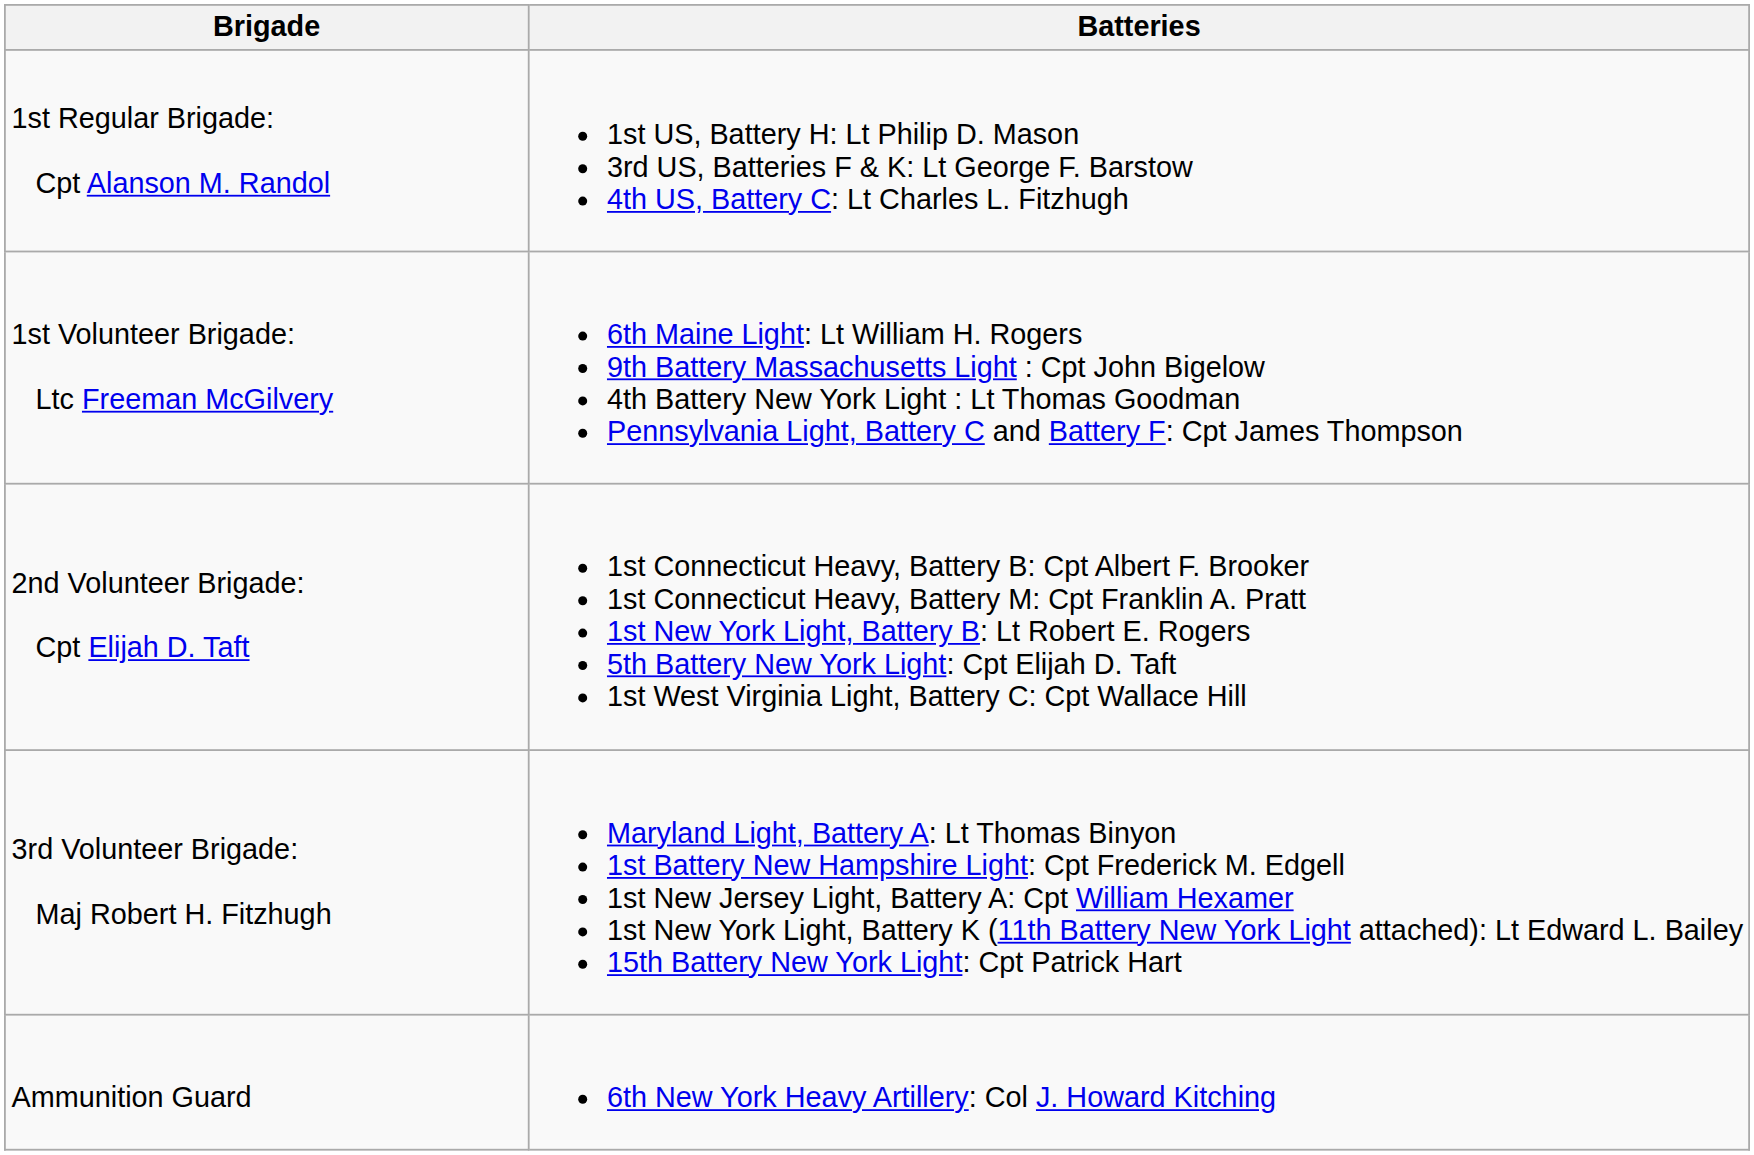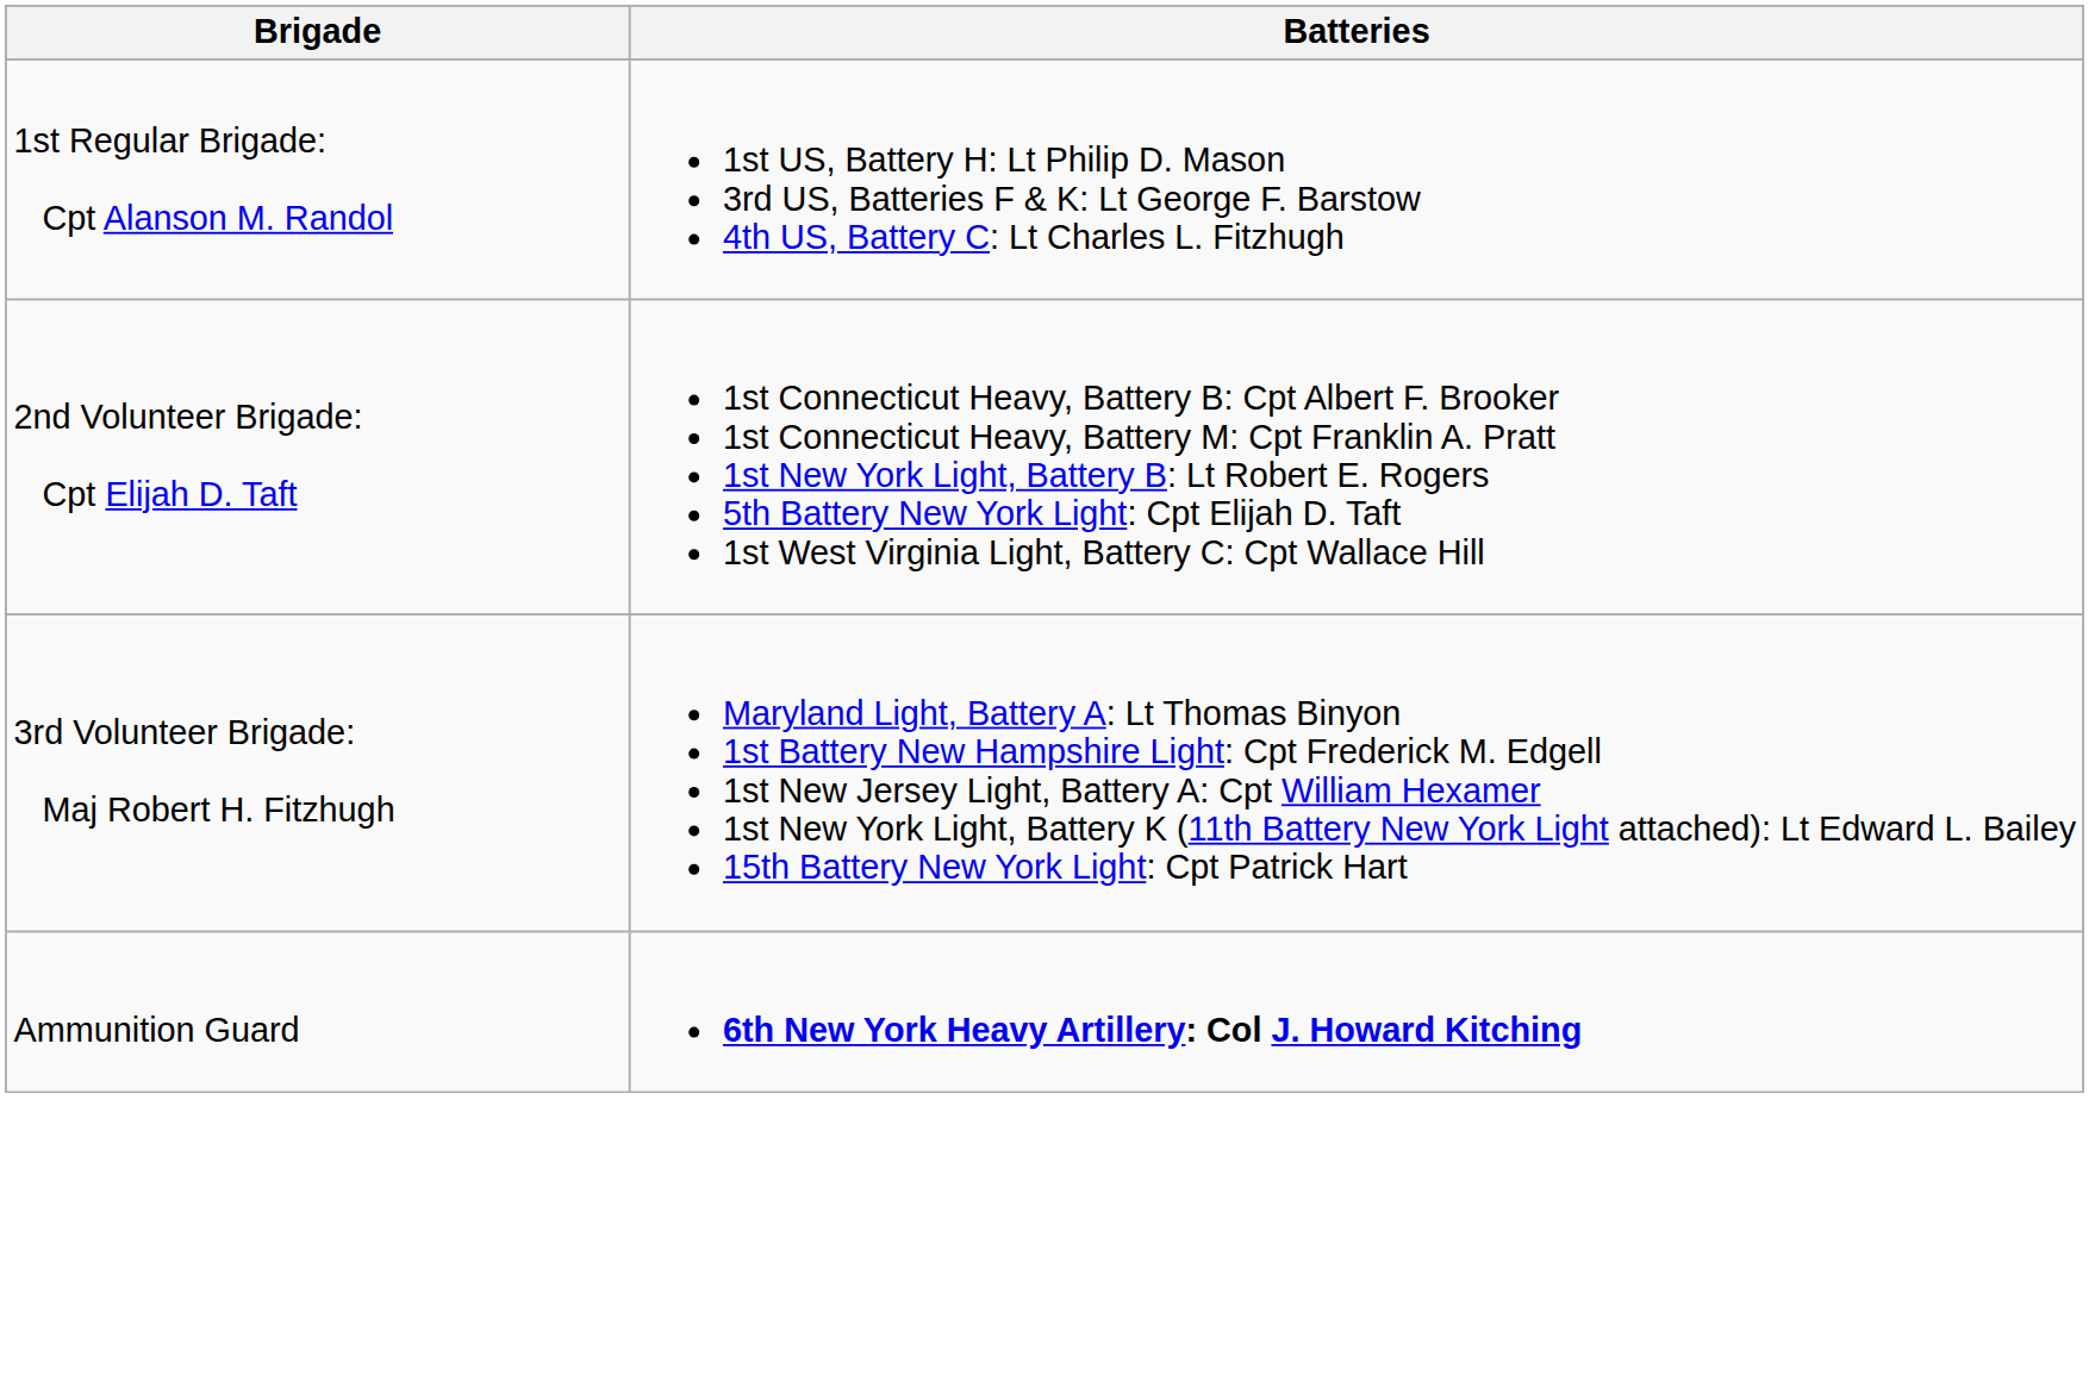 <table class="wikitable">
 <tr>
 <th width=30%>Brigade</th>
 <th>Batteries</th>
 </tr>
 <tr>
 <td>1st Regular Brigade:<br><br>   Cpt <a href='#'>Alanson M. Randol</a></td>
 <td><br><ul><li>1st US, Battery H: Lt Philip D. Mason</li><li>3rd US, Batteries F & K: Lt George F. Barstow</li><li><a href='#'>4th US, Battery C</a>: Lt Charles L. Fitzhugh</li></ul></td>
-</tr>
-<tr>
-<td>1st Volunteer Brigade:<br><br>   Ltc <a href='#'>Freeman McGilvery</a></td>
-<td><br><ul><li><a href='#'>6th Maine Light</a>: Lt William H. Rogers</li><li><a href='#'>9th Battery Massachusetts Light</a> : Cpt John Bigelow</li><li>4th Battery New York Light : Lt Thomas Goodman</li><li><a href='#'>Pennsylvania Light, Battery C</a> and <a href='#'>Battery F</a>: Cpt James Thompson</li></ul></td>
 </tr>
 <tr>
 <td>2nd Volunteer Brigade:<br><br>   Cpt <a href='#'>Elijah D. Taft</a></td>
 <td><br><ul><li>1st Connecticut Heavy, Battery B: Cpt Albert F. Brooker</li><li>1st Connecticut Heavy, Battery M: Cpt Franklin A. Pratt</li><li><a href='#'>1st New York Light, Battery B</a>: Lt Robert E. Rogers</li><li><a href='#'>5th Battery New York Light</a>: Cpt Elijah D. Taft</li><li>1st West Virginia Light, Battery C: Cpt Wallace Hill</li></ul></td>
 </tr>
 <tr>
 <td>3rd Volunteer Brigade:<br><br>   Maj Robert H. Fitzhugh</td>
 <td><br><ul><li><a href='#'>Maryland Light, Battery A</a>: Lt Thomas Binyon</li><li><a href='#'>1st Battery New Hampshire Light</a>: Cpt Frederick M. Edgell</li><li>1st New Jersey Light, Battery A: Cpt <a href='#'>William Hexamer</a></li><li>1st New York Light, Battery K (<a href='#'>11th Battery New York Light</a> attached): Lt Edward L. Bailey</li><li><a href='#'>15th Battery New York Light</a>: Cpt Patrick Hart</li></ul></td>
 </tr>
 <tr>
 <td><br>Ammunition Guard</td>
-<td><br><ul><li><a href='#'>6th New York Heavy Artillery</a>: Col <a href='#'>J. Howard Kitching</a></li></ul></td>
+<td><strong><br><ul><li><a href='#'>6th New York Heavy Artillery</a>: Col <a href='#'>J. Howard Kitching</a></li></ul></strong></td>
 </tr>
 </table>
